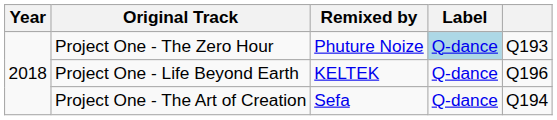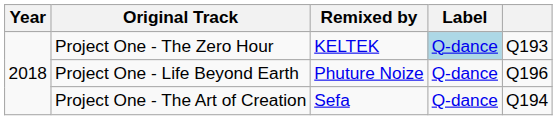 <table class="wikitable">
 <tr>
 <th>Year</th>
 <th>Original Track</th>
 <th>Remixed by</th>
 <th>Label</th>
 <th></th>
 </tr>
 <tr>
 <td rowspan="3">2018</td>
 <td>Project One - The Zero Hour</td>
-<td><a href='#'>Phuture Noize</a></td>
+<td><a href='#'>KELTEK</a></td>
 <td style="background: lightblue;"><a href='#'>Q-dance</a></td>
 <td>Q193</td>
 </tr>
 <tr>
 <td>Project One - Life Beyond Earth</td>
-<td><a href='#'>KELTEK</a></td>
+<td><a href='#'>Phuture Noize</a></td>
 <td><a href='#'>Q-dance</a></td>
 <td>Q196</td>
 </tr>
 <tr>
 <td>Project One - The Art of Creation</td>
 <td><a href='#'>Sefa</a></td>
 <td><a href='#'>Q-dance</a></td>
 <td>Q194</td>
 </tr>
 </table>
